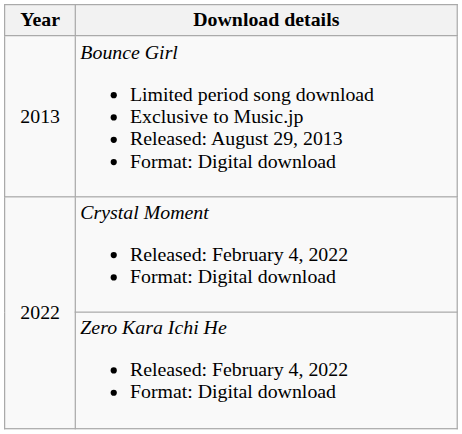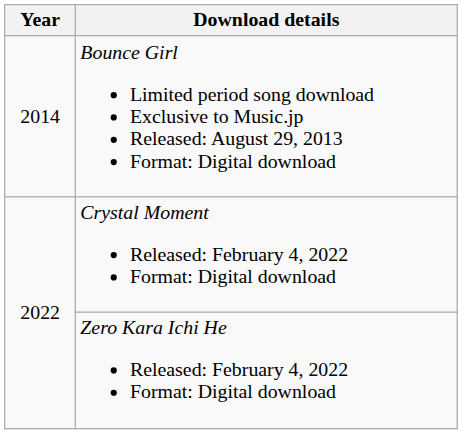 <table class="wikitable plainrowheaders" style="text-align:center;">
 <tr>
 <th width="50">Year</th>
 <th width="300">Download details</th>
 </tr>
 <tr>
-<td>2013</td>
+<td>2014</td>
 <td align="left"><em>Bounce Girl</em><br><ul><li>Limited period song download</li><li>Exclusive to Music.jp</li><li>Released: August 29, 2013</li><li>Format: Digital download</li></ul></td>
 </tr>
 <tr>
 <td rowspan="2">2022</td>
 <td align="left"><em>Crystal Moment</em><br><ul><li>Released: February 4, 2022</li><li>Format: Digital download</li></ul></td>
 </tr>
 <tr>
 <td align="left"><em>Zero Kara Ichi He</em><br><ul><li>Released: February 4, 2022</li><li>Format: Digital download</li></ul></td>
 </tr>
 </table>
